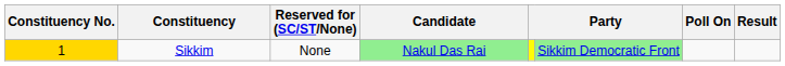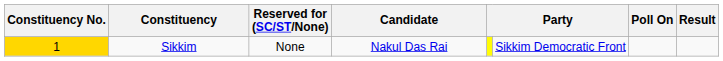 <table class="wikitable sortable" style="text-align:center">
 <tr>
 <th>Constituency No.</th>
 <th style="width:180px;">Constituency</th>
 <th>Reserved for<br>(<a href='#'>SC/ST</a>/None)</th>
 <th style="width:200px;">Candidate</th>
 <th colspan="2">Party</th>
 <th>Poll On</th>
 <th>Result</th>
 </tr>
 <tr>
 <td style="background: gold; text-align:center;">1</td>
 <td><a href='#'>Sikkim</a></td>
 <td>None</td>
-<td style="background: lightgreen;"><a href='#'>Nakul Das Rai</a></td>
+<td><a href='#'>Nakul Das Rai</a></td>
 <td bgcolor=#FFFC06></td>
-<td style="background: lightgreen;"><a href='#'>Sikkim Democratic Front</a></td>
+<td><a href='#'>Sikkim Democratic Front</a></td>
 <td></td>
 <td></td>
 </tr>
 </table>
